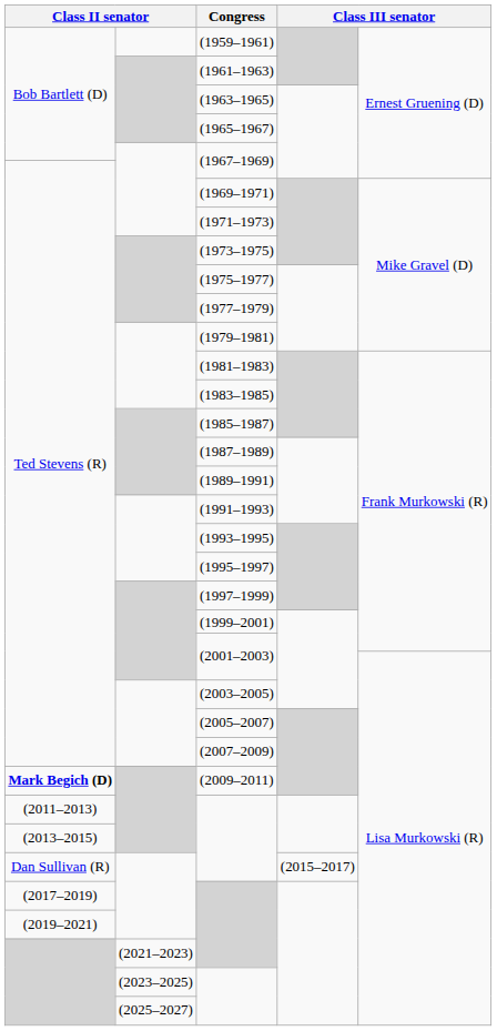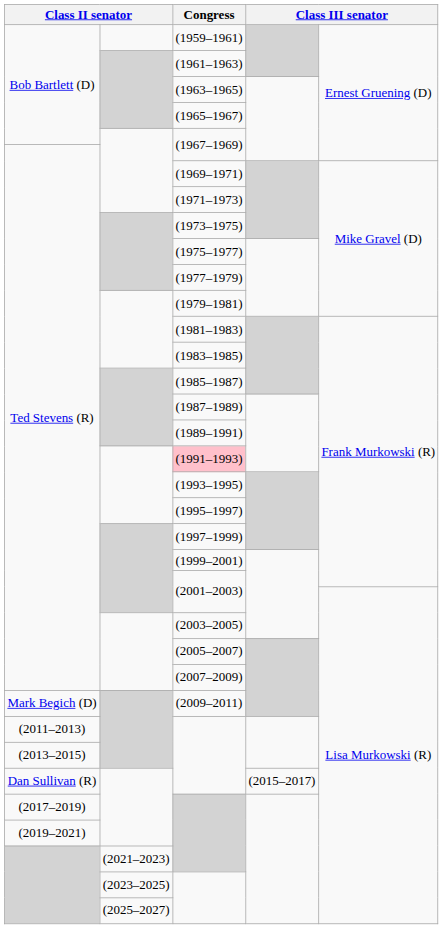 <table class="wikitable sticky-header" style="text-align:center">
 <tr>
 <th colspan="2"><a href='#'>Class II senator</a></th>
 <th>Congress</th>
 <th colspan="2"><a href='#'>Class III senator</a></th>
 </tr>
 <tr style="height:2em">
 <td rowspan=5 ><a href='#'>Bob Bartlett</a> (D)</td>
 <td></td>
 <td><strong></strong> (1959–1961)</td>
 <td rowspan="2" style="background: #D3D3D3"></td>
 <td rowspan=6 ><a href='#'>Ernest Gruening</a> (D)</td>
 </tr>
 <tr style="height:2em">
 <td rowspan="3" style="background: #D3D3D3"></td>
 <td><strong></strong> (1961–1963)</td>
 </tr>
 <tr style="height:2em">
 <td><strong></strong> (1963–1965)</td>
 <td rowspan="4"></td>
 </tr>
 <tr style="height:2em">
 <td><strong></strong> (1965–1967)</td>
 </tr>
 <tr style="height:1.25em">
 <td rowspan="4"></td>
 <td rowspan=2><strong></strong> (1967–1969)</td>
 </tr>
 <tr style="height:1.25em">
 <td rowspan=22 ><a href='#'>Ted Stevens</a> (R)</td>
 </tr>
 <tr style="height:2em">
 <td><strong></strong> (1969–1971)</td>
 <td rowspan="3" style="background: #D3D3D3"></td>
 <td rowspan=6 ><a href='#'>Mike Gravel</a> (D)</td>
 </tr>
 <tr style="height:2em">
 <td><strong></strong> (1971–1973)</td>
 </tr>
 <tr style="height:2em">
 <td rowspan="3" style="background: #D3D3D3"></td>
 <td><strong></strong> (1973–1975)</td>
 </tr>
 <tr style="height:2em">
 <td><strong></strong> (1975–1977)</td>
 <td rowspan="3"></td>
 </tr>
 <tr style="height:2em">
 <td><strong></strong> (1977–1979)</td>
 </tr>
 <tr style="height:2em">
 <td rowspan="3"></td>
 <td><strong></strong> (1979–1981)</td>
 </tr>
 <tr style="height:2em">
 <td><strong></strong> (1981–1983)</td>
 <td rowspan="3" style="background: #D3D3D3"></td>
 <td rowspan=11 ><a href='#'>Frank Murkowski</a> (R)</td>
 </tr>
 <tr style="height:2em">
 <td><strong></strong> (1983–1985)</td>
 </tr>
 <tr style="height:2em">
 <td rowspan="3" style="background: #D3D3D3"></td>
 <td><strong></strong> (1985–1987)</td>
 </tr>
 <tr style="height:2em">
 <td><strong></strong> (1987–1989)</td>
 <td rowspan="3"></td>
 </tr>
 <tr style="height:2em">
 <td><strong></strong> (1989–1991)</td>
 </tr>
 <tr style="height:2em">
 <td rowspan="3"></td>
-<td><strong></strong> (1991–1993)</td>
+<td style="background: pink;"><strong></strong> (1991–1993)</td>
 </tr>
 <tr style="height:2em">
 <td><strong></strong> (1993–1995)</td>
 <td rowspan="3" style="background: #D3D3D3"></td>
 </tr>
 <tr style="height:2em">
 <td><strong></strong> (1995–1997)</td>
 </tr>
 <tr style="height:2em">
 <td rowspan="4" style="background: #D3D3D3"></td>
 <td><strong></strong> (1997–1999)</td>
 </tr>
 <tr style="height:1.25em">
 <td><strong></strong> (1999–2001)</td>
 <td rowspan="4"></td>
 </tr>
 <tr style="height:1.25em">
 <td rowspan=2><strong></strong> (2001–2003)</td>
 </tr>
 <tr style="height:2em">
 <td rowspan=13 ><a href='#'>Lisa Murkowski</a> (R)</td>
 </tr>
 <tr style="height:2em">
 <td rowspan="3"></td>
 <td><strong></strong> (2003–2005)</td>
 </tr>
 <tr style="height:2em">
 <td><strong></strong> (2005–2007)</td>
 <td rowspan="3" style="background: #D3D3D3"></td>
 </tr>
 <tr style="height:2em">
 <td><strong></strong> (2007–2009)</td>
 </tr>
 <tr style="height:2em">
-<td><strong><a href='#'>Mark Begich</a> (D)</strong></td>
+<td><a href='#'>Mark Begich</a> (D)</td>
 <td rowspan="3" style="background: #D3D3D3"></td>
 <td><strong></strong> (2009–2011)</td>
 </tr>
 <tr style="height:2em">
 <td><strong></strong> (2011–2013)</td>
 <td rowspan="3"></td>
 </tr>
 <tr style="height:2em">
 <td><strong></strong> (2013–2015)</td>
 </tr>
 <tr style="height:2em">
 <td><a href='#'>Dan Sullivan</a> (R)</td>
 <td rowspan="3"></td>
 <td><strong></strong> (2015–2017)</td>
 </tr>
 <tr style="height:2em">
 <td><strong></strong> (2017–2019)</td>
 <td rowspan="3" style="background: #D3D3D3"></td>
 </tr>
 <tr style="height:2em">
 <td><strong></strong> (2019–2021)</td>
 </tr>
 <tr style="height:2em">
 <td rowspan="3" style="background: #D3D3D3"></td>
 <td><strong></strong> (2021–2023)</td>
 </tr>
 <tr style="height:2em">
 <td><strong></strong> (2023–2025)</td>
 <td rowspan="2"></td>
 </tr>
 <tr style="height:2em">
 <td><strong></strong> (2025–2027)</td>
 </tr>
 </table>
